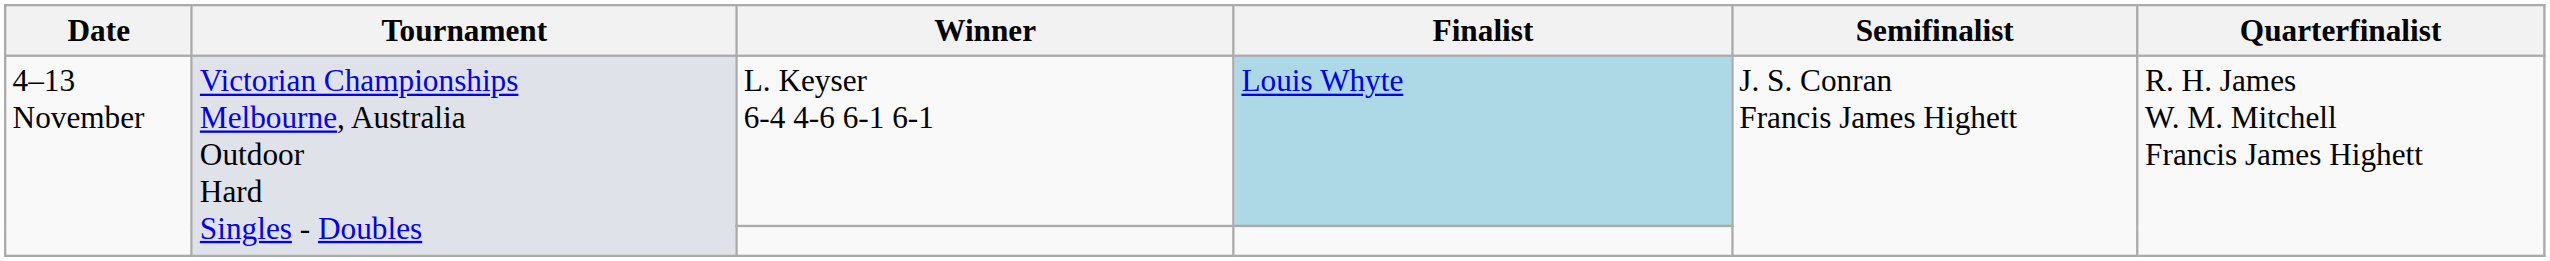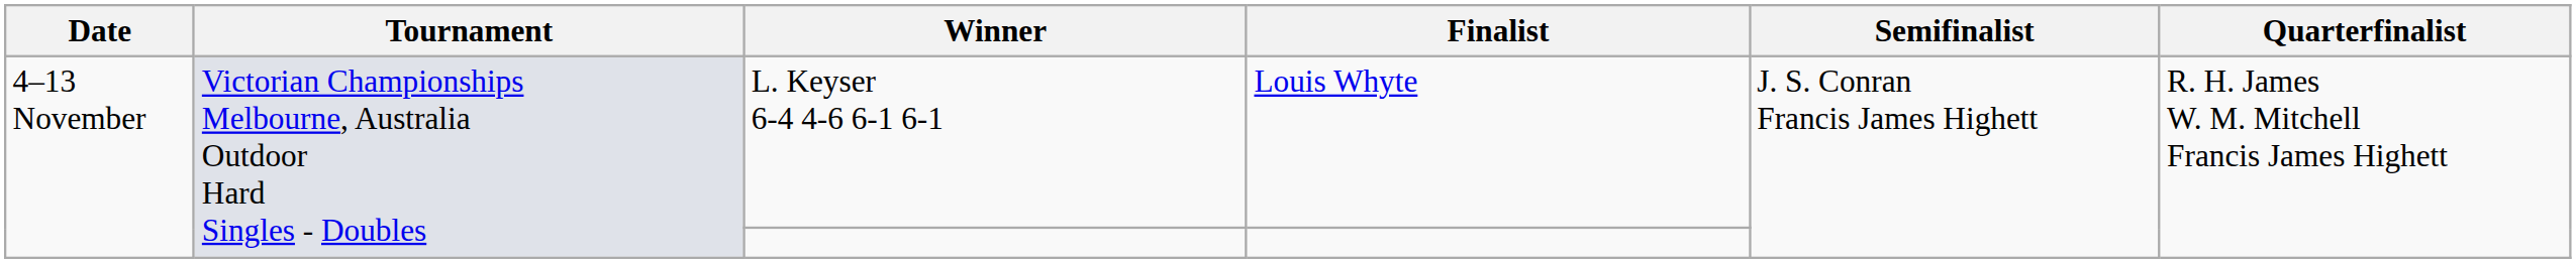 <table class="wikitable" style="font-size:85%;">
 <tr>
 <th width="75">Date</th>
 <th width="230">Tournament</th>
 <th width="210">Winner</th>
 <th width="210">Finalist</th>
 <th width="170">Semifinalist</th>
 <th width="170">Quarterfinalist</th>
 </tr>
 <tr valign=top>
 <td rowspan=2>4–13 November</td>
 <td style="background:#dfe2e9" rowspan=2><a href='#'>Victorian Championships</a><br> <a href='#'>Melbourne</a>, Australia<br>Outdoor<br>Hard<br><a href='#'>Singles</a> - <a href='#'>Doubles</a></td>
 <td> L. Keyser <br>6-4 4-6 6-1 6-1</td>
-<td style="background: lightblue;"> <a href='#'>Louis Whyte</a></td>
+<td> <a href='#'>Louis Whyte</a></td>
 <td rowspan=2> J. S. Conran <br> Francis James Highett</td>
 <td rowspan=2> R. H. James <br> W. M. Mitchell <br> Francis James Highett</td>
 </tr>
 <tr valign=top>
 <td></td>
 <td></td>
 </tr>
 </table>
